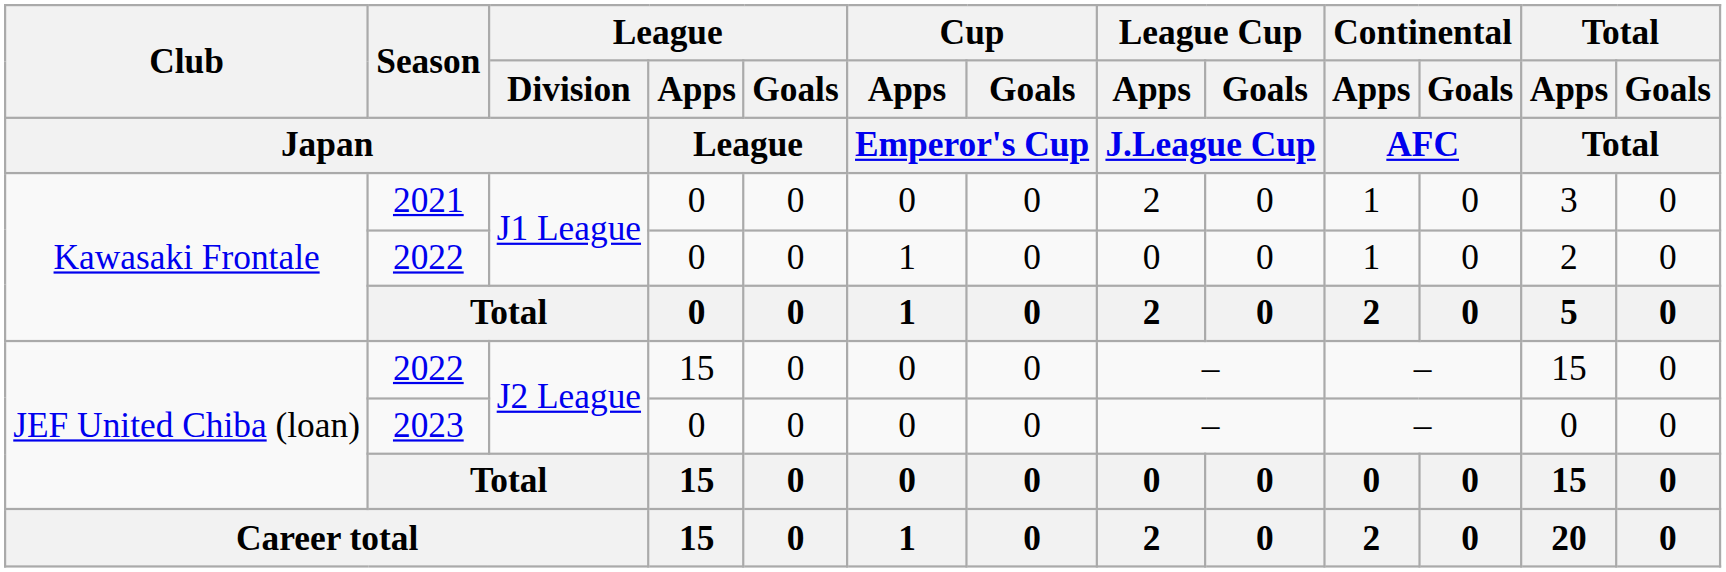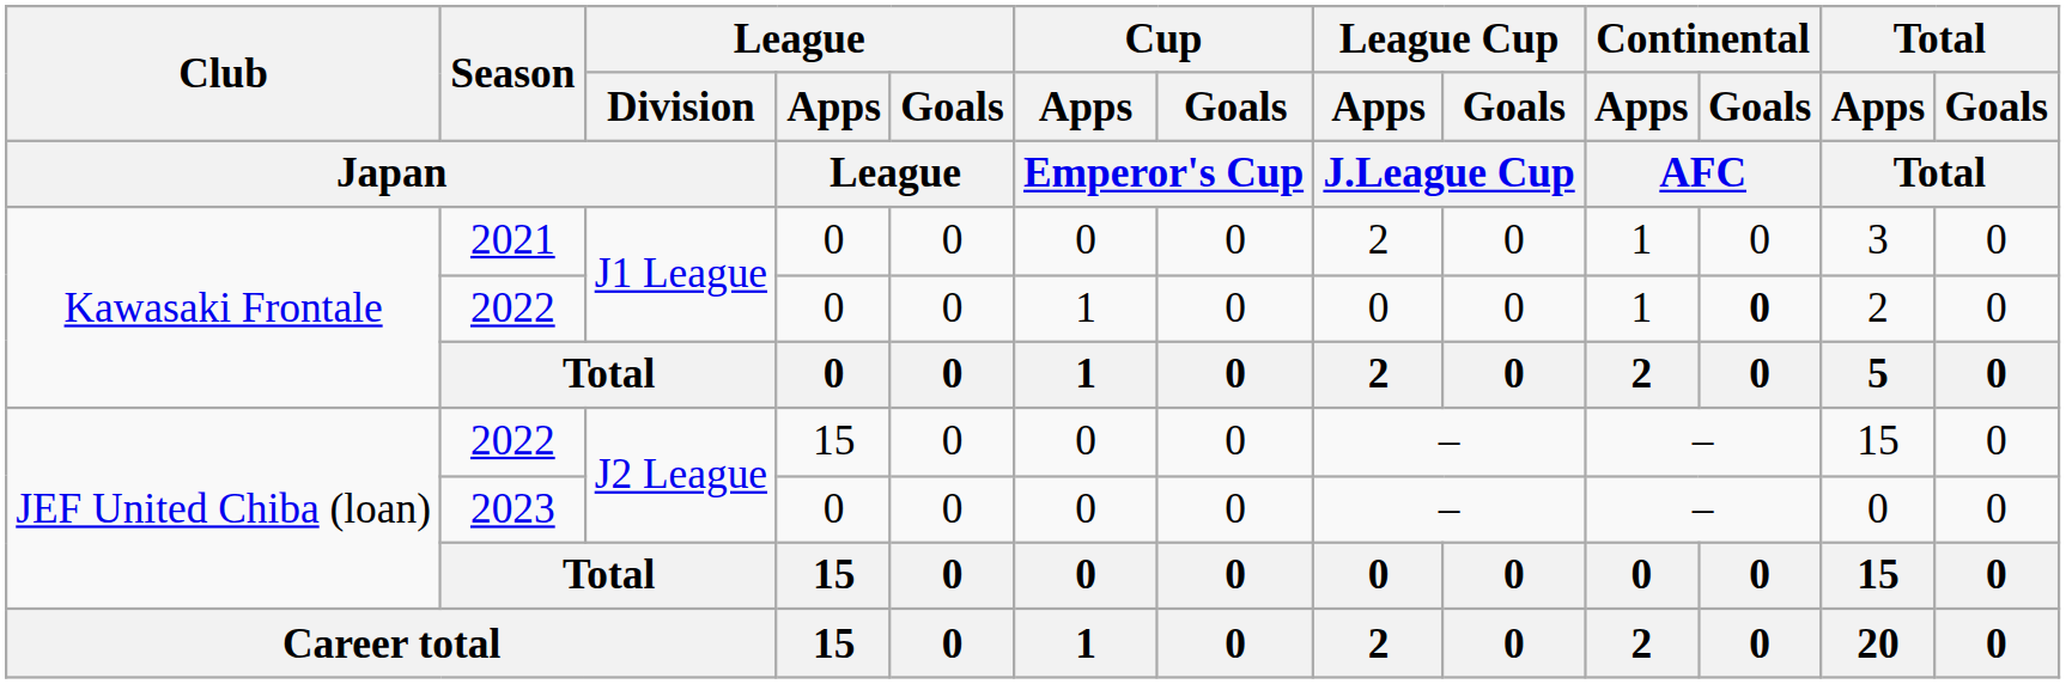 <table class="wikitable" style="text-align:center;">
 <tr>
 <th rowspan=2>Club</th>
 <th rowspan=2>Season</th>
 <th colspan=3>League</th>
 <th colspan=2>Cup</th>
 <th colspan=2>League Cup</th>
 <th colspan=2>Continental</th>
 <th colspan=2>Total</th>
 </tr>
 <tr>
 <th>Division</th>
 <th>Apps</th>
 <th>Goals</th>
 <th>Apps</th>
 <th>Goals</th>
 <th>Apps</th>
 <th>Goals</th>
 <th>Apps</th>
 <th>Goals</th>
 <th>Apps</th>
 <th>Goals</th>
 </tr>
 <tr>
 <th colspan=3>Japan</th>
 <th colspan=2>League</th>
 <th colspan=2><a href='#'>Emperor's Cup</a></th>
 <th colspan=2><a href='#'>J.League Cup</a></th>
 <th colspan=2><a href='#'>AFC</a></th>
 <th colspan=2>Total</th>
 </tr>
 <tr>
 <td rowspan="3"><a href='#'>Kawasaki Frontale</a></td>
 <td><a href='#'>2021</a></td>
 <td rowspan="2"><a href='#'>J1 League</a></td>
 <td>0</td>
 <td>0</td>
 <td>0</td>
 <td>0</td>
 <td>2</td>
 <td>0</td>
 <td>1</td>
 <td>0</td>
 <td>3</td>
 <td>0</td>
 </tr>
 <tr>
 <td><a href='#'>2022</a></td>
 <td>0</td>
 <td>0</td>
 <td>1</td>
 <td>0</td>
 <td>0</td>
 <td>0</td>
 <td>1</td>
-<td>0</td>
+<td><strong>0</strong></td>
 <td>2</td>
 <td>0</td>
 </tr>
 <tr>
 <th colspan="2">Total</th>
 <th>0</th>
 <th>0</th>
 <th>1</th>
 <th>0</th>
 <th>2</th>
 <th>0</th>
 <th>2</th>
 <th>0</th>
 <th>5</th>
 <th>0</th>
 </tr>
 <tr>
 <td rowspan="3"><a href='#'>JEF United Chiba</a> (loan)</td>
 <td><a href='#'>2022</a></td>
 <td rowspan="2"><a href='#'>J2 League</a></td>
 <td>15</td>
 <td>0</td>
 <td>0</td>
 <td>0</td>
 <td colspan="2">–</td>
 <td colspan="2">–</td>
 <td>15</td>
 <td>0</td>
 </tr>
 <tr>
 <td><a href='#'>2023</a></td>
 <td>0</td>
 <td>0</td>
 <td>0</td>
 <td>0</td>
 <td colspan="2">–</td>
 <td colspan="2">–</td>
 <td>0</td>
 <td>0</td>
 </tr>
 <tr>
 <th colspan="2">Total</th>
 <th>15</th>
 <th>0</th>
 <th>0</th>
 <th>0</th>
 <th>0</th>
 <th>0</th>
 <th>0</th>
 <th>0</th>
 <th>15</th>
 <th>0</th>
 </tr>
 <tr>
 <th colspan=3>Career total</th>
 <th>15</th>
 <th>0</th>
 <th>1</th>
 <th>0</th>
 <th>2</th>
 <th>0</th>
 <th>2</th>
 <th>0</th>
 <th>20</th>
 <th>0</th>
 </tr>
 </table>
